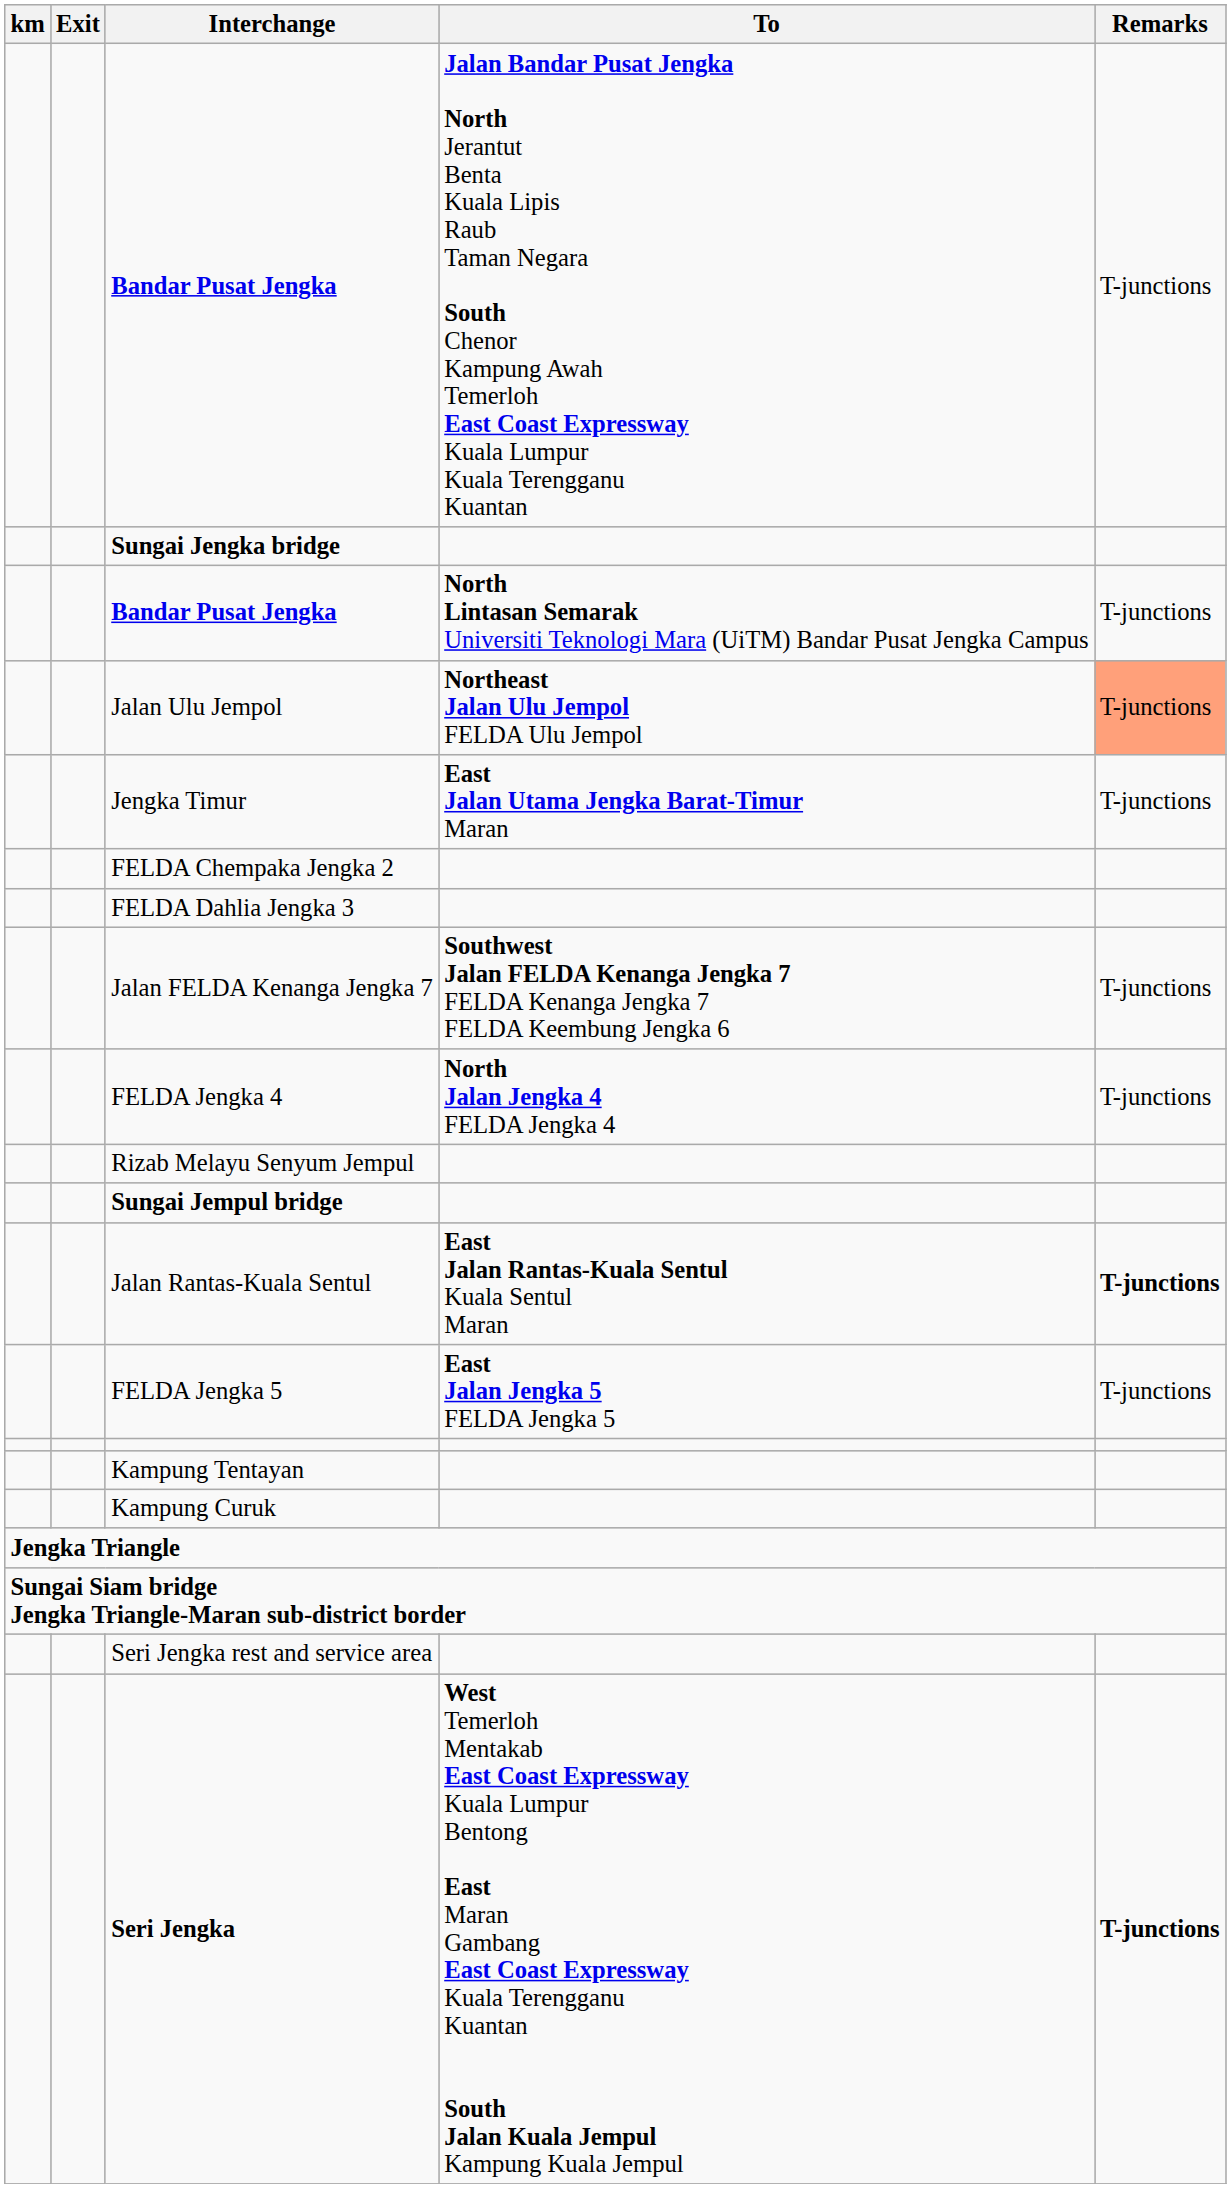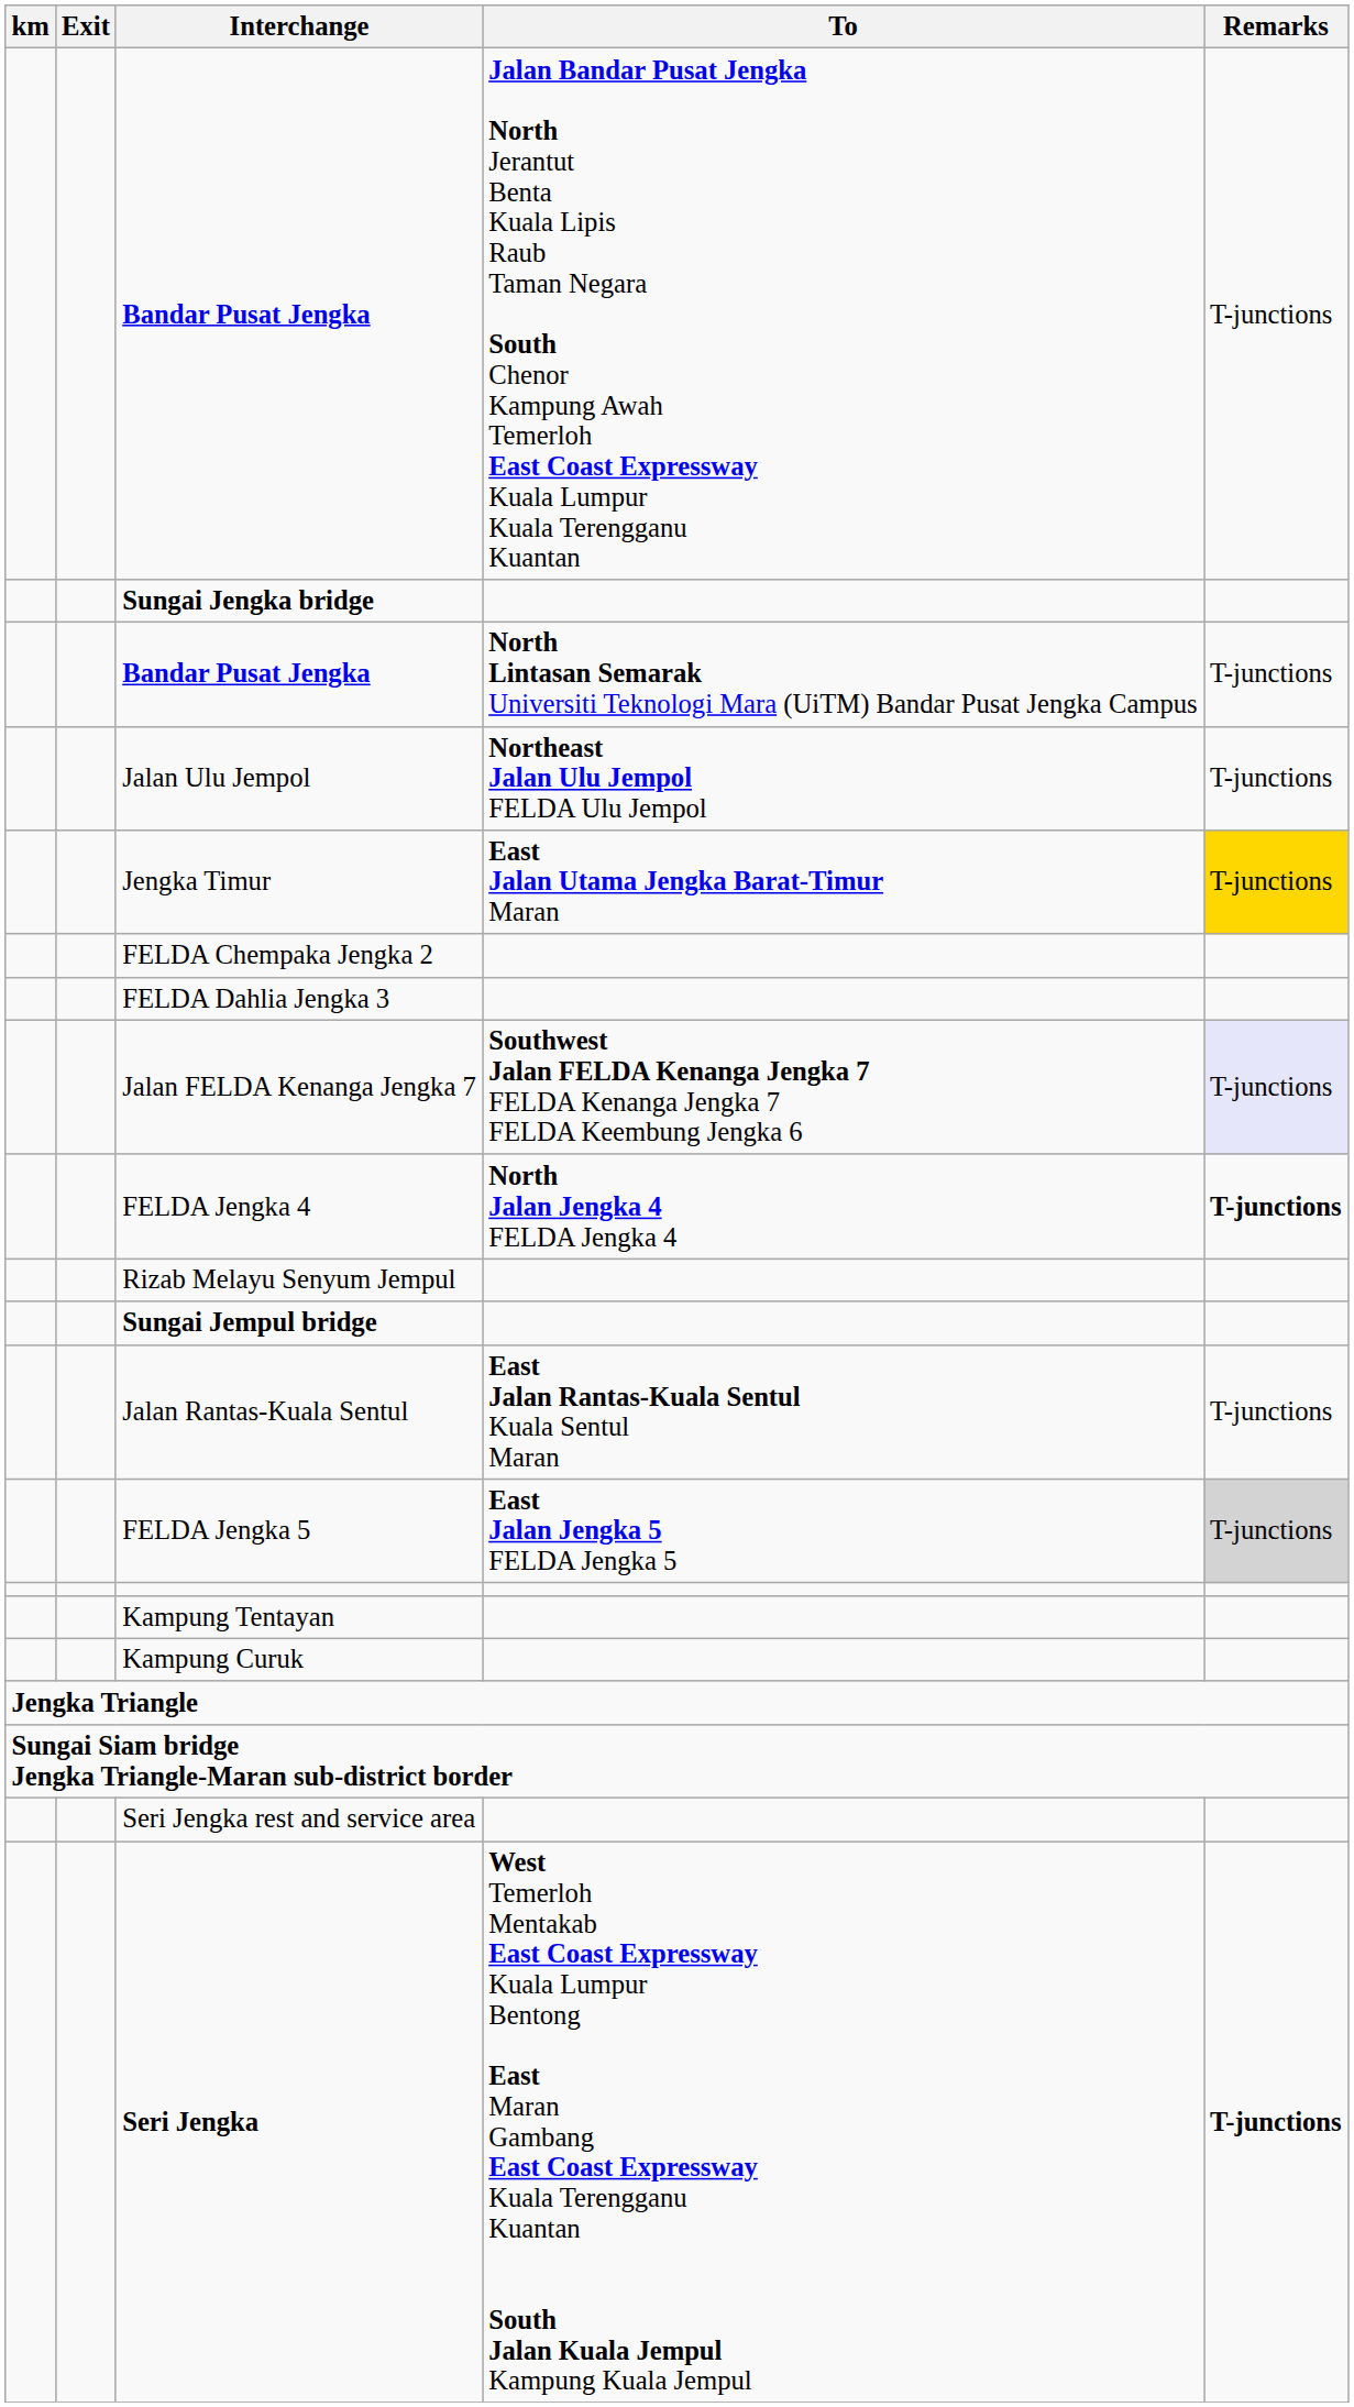 <table class="wikitable">
 <tr>
 <th>km</th>
 <th>Exit</th>
 <th>Interchange</th>
 <th>To</th>
 <th>Remarks</th>
 </tr>
 <tr>
 <td></td>
 <td></td>
 <td><strong><a href='#'>Bandar Pusat Jengka</a></strong></td>
 <td> <strong><a href='#'>Jalan Bandar Pusat Jengka</a></strong><br><br><strong>North</strong><br> Jerantut<br> Benta<br> Kuala Lipis<br> Raub<br> Taman Negara<br><br><strong>South</strong><br> Chenor<br> Kampung Awah<br> Temerloh<br>  <strong><a href='#'>East Coast Expressway</a></strong><br>Kuala Lumpur<br>Kuala Terengganu<br>Kuantan</td>
 <td>T-junctions</td>
 </tr>
 <tr>
 <td></td>
 <td></td>
 <td><strong>Sungai Jengka bridge</strong></td>
 <td></td>
 <td></td>
 </tr>
 <tr>
 <td></td>
 <td></td>
 <td><strong><a href='#'>Bandar Pusat Jengka</a></strong></td>
 <td><strong>North</strong><br><strong>Lintasan Semarak</strong><br><a href='#'>Universiti Teknologi Mara</a> (UiTM) Bandar Pusat Jengka Campus </td>
 <td>T-junctions</td>
 </tr>
 <tr>
 <td></td>
 <td></td>
 <td>Jalan Ulu Jempol</td>
 <td><strong>Northeast </strong><br> <strong><a href='#'>Jalan Ulu Jempol</a></strong><br>FELDA Ulu Jempol</td>
-<td style="background: lightsalmon;">T-junctions</td>
+<td>T-junctions</td>
 </tr>
 <tr>
 <td></td>
 <td></td>
 <td>Jengka Timur</td>
 <td><strong>East </strong><br> <strong><a href='#'>Jalan Utama Jengka Barat-Timur</a></strong><br>Maran</td>
-<td>T-junctions</td>
+<td style="background: gold;">T-junctions</td>
 </tr>
 <tr>
 <td></td>
 <td></td>
 <td>FELDA Chempaka Jengka 2</td>
 <td></td>
 <td></td>
 </tr>
 <tr>
 <td></td>
 <td></td>
 <td>FELDA Dahlia Jengka 3</td>
 <td></td>
 <td></td>
 </tr>
 <tr>
 <td></td>
 <td></td>
 <td>Jalan FELDA Kenanga Jengka 7</td>
 <td><strong>Southwest</strong><br><strong>Jalan FELDA Kenanga Jengka 7</strong><br>FELDA Kenanga Jengka 7<br>FELDA Keembung Jengka 6</td>
-<td>T-junctions</td>
+<td style="background: lavender;">T-junctions</td>
 </tr>
 <tr>
 <td></td>
 <td></td>
 <td>FELDA Jengka 4</td>
 <td><strong>North</strong><br> <strong><a href='#'>Jalan Jengka 4</a></strong><br>FELDA Jengka 4</td>
-<td>T-junctions</td>
+<td><strong>T-junctions</strong></td>
 </tr>
 <tr>
 <td></td>
 <td></td>
 <td>Rizab Melayu Senyum Jempul</td>
 <td></td>
 <td></td>
 </tr>
 <tr>
 <td></td>
 <td></td>
 <td><strong>Sungai Jempul bridge</strong></td>
 <td></td>
 <td></td>
 </tr>
 <tr>
 <td></td>
 <td></td>
 <td>Jalan Rantas-Kuala Sentul</td>
 <td><strong>East </strong><br><strong>Jalan Rantas-Kuala Sentul</strong><br>Kuala Sentul<br> Maran</td>
-<td><strong>T-junctions</strong></td>
+<td>T-junctions</td>
 </tr>
 <tr>
 <td></td>
 <td></td>
 <td>FELDA Jengka 5</td>
 <td><strong>East </strong><br> <strong><a href='#'>Jalan Jengka 5</a></strong><br>FELDA Jengka 5</td>
-<td>T-junctions</td>
+<td style="background: lightgrey;">T-junctions</td>
 </tr>
 <tr>
 <td></td>
 <td></td>
 <td></td>
 <td></td>
 <td></td>
 </tr>
 <tr>
 <td></td>
 <td></td>
 <td>Kampung Tentayan</td>
 <td></td>
 <td></td>
 </tr>
 <tr>
 <td></td>
 <td></td>
 <td>Kampung Curuk</td>
 <td></td>
 <td></td>
 </tr>
 <tr>
 <td style="width:600px" colspan="6" style="text-align:center; background:white;"><strong><span>Jengka Triangle</span></strong></td>
 </tr>
 <tr>
 <td style="width:600px" colspan="6" style="text-align:center; background:maroon;"><strong><span>Sungai Siam bridge<br>Jengka Triangle-Maran sub-district border</span></strong></td>
 </tr>
 <tr>
 <td></td>
 <td></td>
 <td> Seri Jengka rest and service area</td>
 <td>    </td>
 <td></td>
 </tr>
 <tr>
 <td></td>
 <td></td>
 <td><strong>Seri Jengka</strong></td>
 <td><strong>West</strong><br> Temerloh<br> Mentakab<br>  <strong><a href='#'>East Coast Expressway</a></strong><br>Kuala Lumpur<br>Bentong<br><br><strong>East </strong><br> Maran<br> Gambang<br>  <strong><a href='#'>East Coast Expressway</a></strong><br>Kuala Terengganu<br>Kuantan<br><br><br><strong>South</strong><br><strong>Jalan Kuala Jempul</strong><br>Kampung Kuala Jempul</td>
 <td><strong>T-junctions</strong></td>
 </tr>
 </table>
